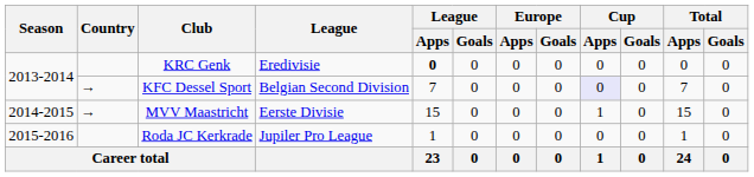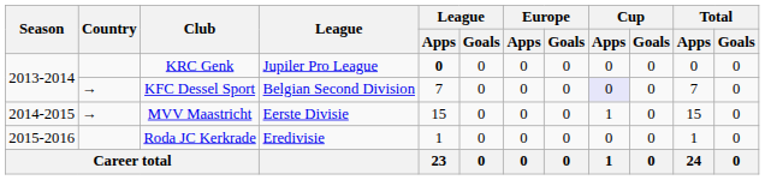 <table class="wikitable" style="font-size:100%; text-align: center">
 <tr>
 <th rowspan=2>Season</th>
 <th rowspan=2>Country</th>
 <th rowspan=2>Club</th>
 <th rowspan=2>League</th>
 <th colspan=2>League</th>
 <th colspan=2>Europe</th>
 <th colspan=2>Cup</th>
 <th colspan=2>Total</th>
 </tr>
 <tr>
 <th>Apps</th>
 <th>Goals</th>
 <th>Apps</th>
 <th>Goals</th>
 <th>Apps</th>
 <th>Goals</th>
 <th>Apps</th>
 <th>Goals</th>
 </tr>
 <tr>
 <td rowspan=2>2013-2014</td>
 <td align=left></td>
 <td><a href='#'>KRC Genk</a></td>
-<td align=left><a href='#'>Eredivisie</a></td>
+<td align=left><a href='#'>Jupiler Pro League</a></td>
 <td><strong>0</strong></td>
 <td>0</td>
 <td>0</td>
 <td>0</td>
 <td>0</td>
 <td>0</td>
 <td>0</td>
 <td>0</td>
 </tr>
 <tr>
 <td align=left>→ </td>
 <td><a href='#'>KFC Dessel Sport</a></td>
 <td align=left><a href='#'>Belgian Second Division</a></td>
 <td>7</td>
 <td>0</td>
 <td>0</td>
 <td>0</td>
 <td style="background: lavender;">0</td>
 <td>0</td>
 <td>7</td>
 <td>0</td>
 </tr>
 <tr>
 <td>2014-2015</td>
 <td align=left>→ </td>
 <td><a href='#'>MVV Maastricht</a></td>
 <td align=left><a href='#'>Eerste Divisie</a></td>
 <td>15</td>
 <td>0</td>
 <td>0</td>
 <td>0</td>
 <td>1</td>
 <td>0</td>
 <td>15</td>
 <td>0</td>
 </tr>
 <tr>
 <td>2015-2016</td>
 <td align=left></td>
 <td><a href='#'>Roda JC Kerkrade</a></td>
-<td align=left><a href='#'>Jupiler Pro League</a></td>
+<td align=left><a href='#'>Eredivisie</a></td>
 <td>1</td>
 <td>0</td>
 <td>0</td>
 <td>0</td>
 <td>0</td>
 <td>0</td>
 <td>1</td>
 <td>0</td>
 </tr>
 <tr>
 <th colspan="3">Career total</th>
 <th></th>
 <th>23</th>
 <th>0</th>
 <th>0</th>
 <th>0</th>
 <th>1</th>
 <th>0</th>
 <th>24</th>
 <th>0</th>
 </tr>
 </table>
